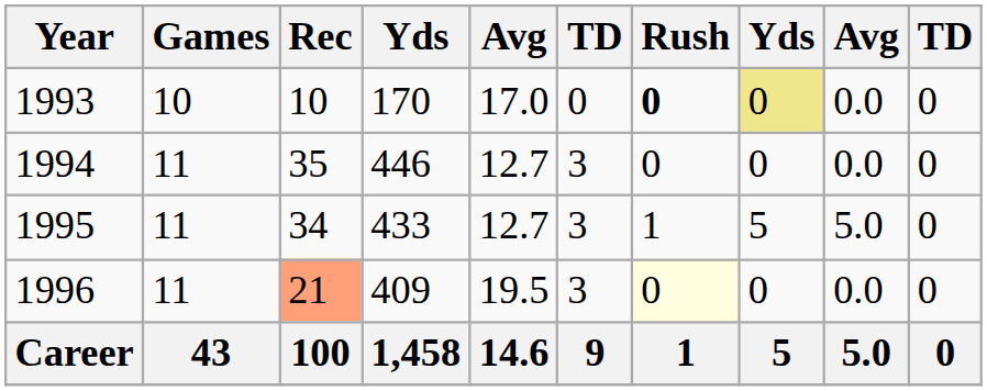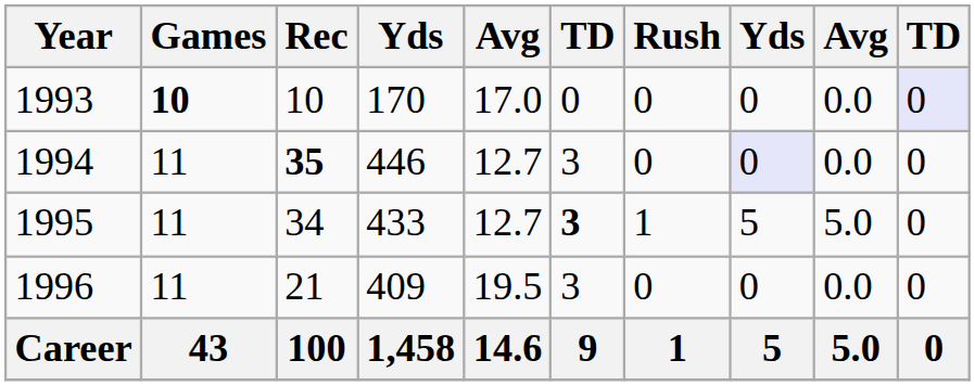 <table class="wikitable">
 <tr>
 <th>Year</th>
 <th>Games</th>
 <th>Rec</th>
 <th>Yds</th>
 <th>Avg</th>
 <th>TD</th>
 <th>Rush</th>
 <th>Yds</th>
 <th>Avg</th>
 <th>TD</th>
 </tr>
 <tr>
 <td>1993</td>
-<td>10</td>
+<td><strong>10</strong></td>
 <td>10</td>
 <td>170</td>
 <td>17.0</td>
 <td>0</td>
-<td><strong>0</strong></td>
-<td style="background: khaki;">0</td>
+<td>0</td>
+<td>0</td>
 <td>0.0</td>
-<td>0</td>
+<td style="background: lavender;">0</td>
 </tr>
 <tr>
 <td>1994</td>
 <td>11</td>
-<td>35</td>
+<td><strong>35</strong></td>
 <td>446</td>
 <td>12.7</td>
 <td>3</td>
 <td>0</td>
-<td>0</td>
+<td style="background: lavender;">0</td>
 <td>0.0</td>
 <td>0</td>
 </tr>
 <tr>
 <td>1995</td>
 <td>11</td>
 <td>34</td>
 <td>433</td>
 <td>12.7</td>
-<td>3</td>
+<td><strong>3</strong></td>
 <td>1</td>
 <td>5</td>
 <td>5.0</td>
 <td>0</td>
 </tr>
 <tr>
 <td>1996</td>
 <td>11</td>
-<td style="background: lightsalmon;">21</td>
+<td>21</td>
 <td>409</td>
 <td>19.5</td>
 <td>3</td>
-<td style="background: lightyellow;">0</td>
+<td>0</td>
 <td>0</td>
 <td>0.0</td>
 <td>0</td>
 </tr>
 <tr>
 <th>Career</th>
 <th>43</th>
 <th>100</th>
 <th>1,458</th>
 <th>14.6</th>
 <th>9</th>
 <th>1</th>
 <th>5</th>
 <th>5.0</th>
 <th>0</th>
 </tr>
 <tr>
 </tr>
 </table>
